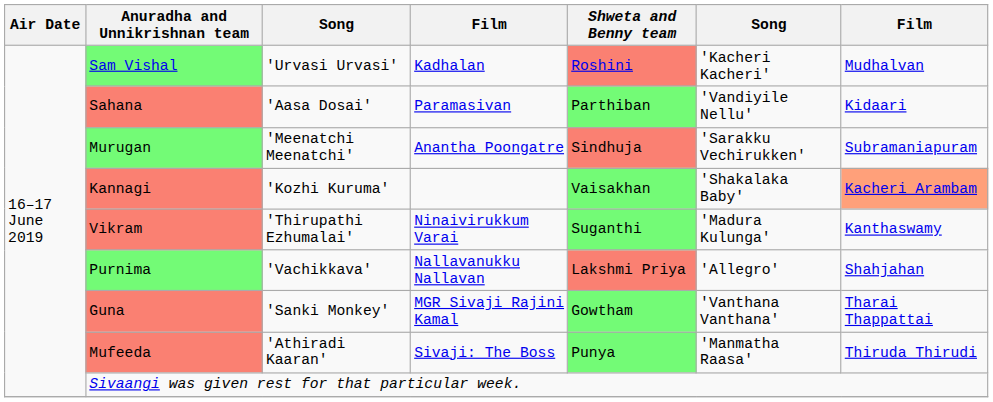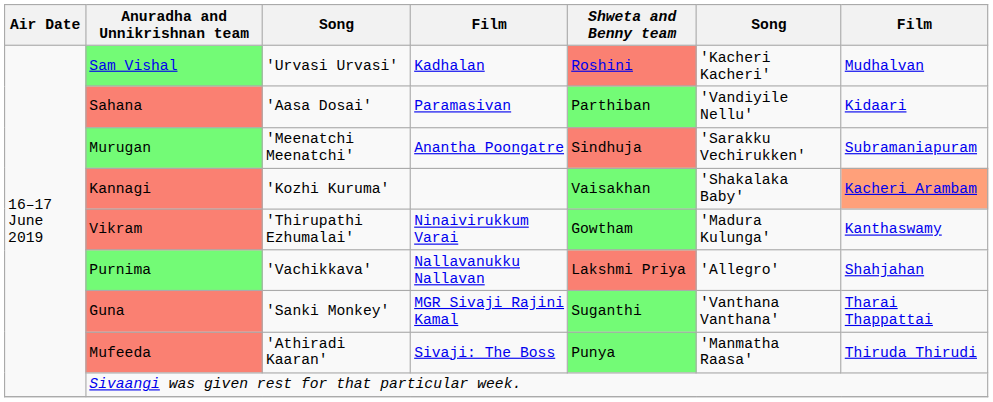 <table class="wikitable sortable">
 <tr>
 <th>Air Date</th>
 <th>Anuradha and Unnikrishnan team</th>
 <th>Song</th>
 <th>Film</th>
 <th><em>Shweta and Benny team</em></th>
 <th>Song</th>
 <th>Film</th>
 </tr>
 <tr>
 <td rowspan="9">16–17 June 2019</td>
 <td style="background:#73FB76;"><a href='#'>Sam Vishal</a></td>
 <td>'Urvasi Urvasi'</td>
 <td><a href='#'>Kadhalan</a></td>
 <td style="background:salmon"><a href='#'>Roshini</a></td>
 <td>'Kacheri Kacheri'</td>
 <td><a href='#'>Mudhalvan</a></td>
 </tr>
 <tr>
 <td style="background:salmon">Sahana</td>
 <td>'Aasa Dosai'</td>
 <td><a href='#'>Paramasivan</a></td>
 <td style="background:#73FB76">Parthiban</td>
 <td>'Vandiyile Nellu'</td>
 <td><a href='#'>Kidaari</a></td>
 </tr>
 <tr>
 <td style="background:#73FB76;">Murugan</td>
 <td>'Meenatchi Meenatchi'</td>
 <td><a href='#'>Anantha Poongatre</a></td>
 <td style="background:salmon">Sindhuja</td>
 <td>'Sarakku Vechirukken'</td>
 <td><a href='#'>Subramaniapuram</a></td>
 </tr>
 <tr>
 <td style="background:salmon">Kannagi</td>
 <td>'Kozhi Kuruma'</td>
 <td></td>
 <td style="background:#73FB76;">Vaisakhan</td>
 <td>'Shakalaka Baby'</td>
 <td style="background: lightsalmon;"><a href='#'>Kacheri Arambam</a></td>
 </tr>
 <tr>
 <td style="background:salmon">Vikram</td>
 <td>'Thirupathi Ezhumalai'</td>
 <td><a href='#'>Ninaivirukkum Varai</a></td>
-<td style="background:#73FB76;">Suganthi</td>
+<td style="background:#73FB76;">Gowtham</td>
 <td>'Madura Kulunga'</td>
 <td><a href='#'>Kanthaswamy</a></td>
 </tr>
 <tr>
 <td style="background:#73FB76;">Purnima</td>
 <td>'Vachikkava'</td>
 <td><a href='#'>Nallavanukku Nallavan</a></td>
 <td style="background:salmon">Lakshmi Priya</td>
 <td>'Allegro'</td>
 <td><a href='#'>Shahjahan</a></td>
 </tr>
 <tr>
 <td style="background:salmon">Guna</td>
 <td>'Sanki Monkey'</td>
 <td><a href='#'>MGR Sivaji Rajini Kamal</a></td>
-<td style="background:#73FB76;">Gowtham</td>
+<td style="background:#73FB76;">Suganthi</td>
 <td>'Vanthana Vanthana'</td>
 <td><a href='#'>Tharai Thappattai</a></td>
 </tr>
 <tr>
 <td style="background:salmon">Mufeeda</td>
 <td>'Athiradi Kaaran'</td>
 <td><a href='#'>Sivaji: The Boss</a></td>
 <td style="background:#73FB76">Punya</td>
 <td>'Manmatha Raasa'</td>
 <td><a href='#'>Thiruda Thirudi</a></td>
 </tr>
 <tr>
 <td colspan="6"><em><a href='#'>Sivaangi</a> was given rest for that particular week.</em></td>
 </tr>
 <tr>
 </tr>
 </table>
